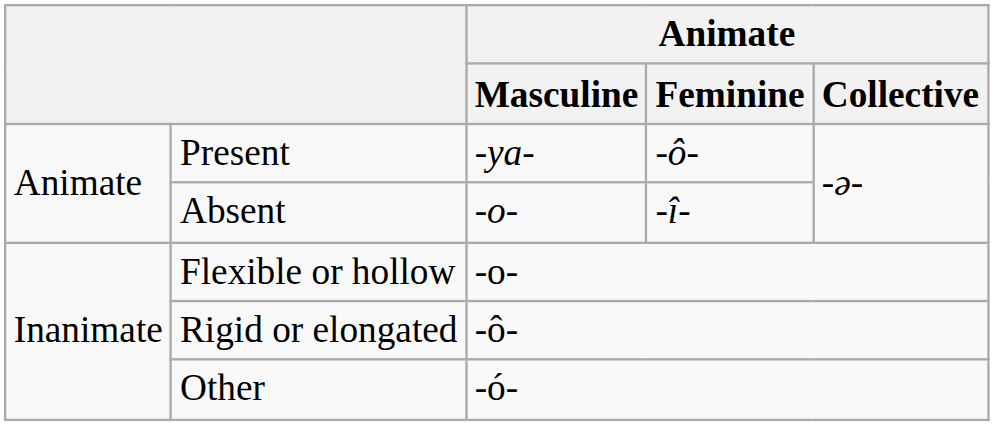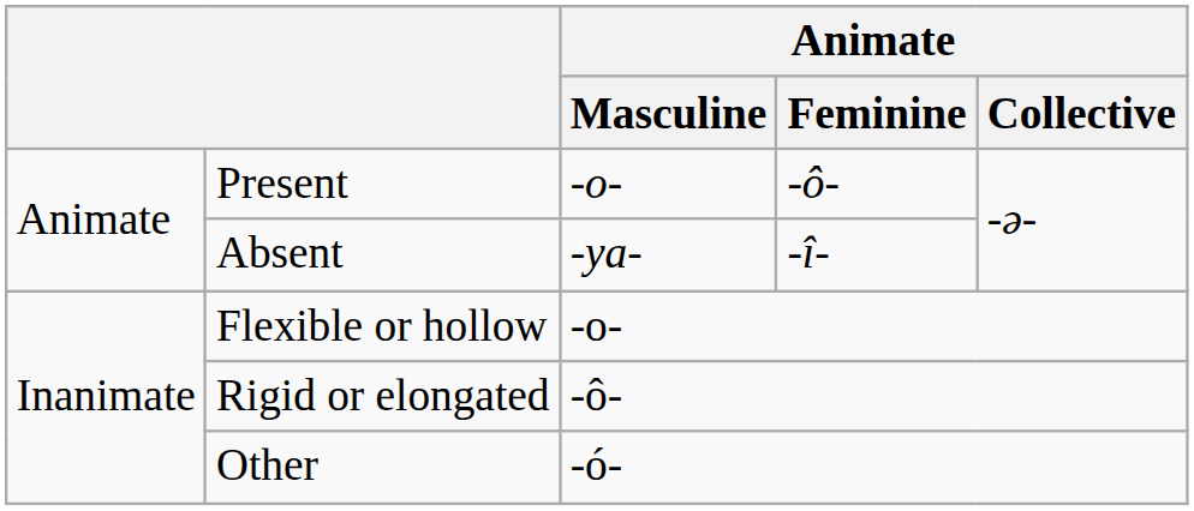 <table class="wikitable">
 <tr>
 <th colspan="2" rowspan="2"></th>
 <th colspan="3">Animate</th>
 </tr>
 <tr>
 <th>Masculine</th>
 <th>Feminine</th>
 <th>Collective</th>
 </tr>
 <tr>
 <td rowspan="2">Animate</td>
 <td>Present</td>
-<td><em>-ya-</em></td>
+<td><em>-o-</em></td>
 <td><em>-ô-</em></td>
 <td rowspan="2"><em>-ə-</em></td>
 </tr>
 <tr>
 <td>Absent</td>
-<td><em>-o-</em></td>
+<td><em>-ya-</em></td>
 <td><em>-î-</em></td>
 </tr>
 <tr>
 <td rowspan="3">Inanimate</td>
 <td>Flexible or hollow</td>
 <td colspan="3">-o-</td>
 </tr>
 <tr>
 <td>Rigid or elongated</td>
 <td colspan="3">-ô-</td>
 </tr>
 <tr>
 <td>Other</td>
 <td colspan="3">-ó-</td>
 </tr>
 </table>
